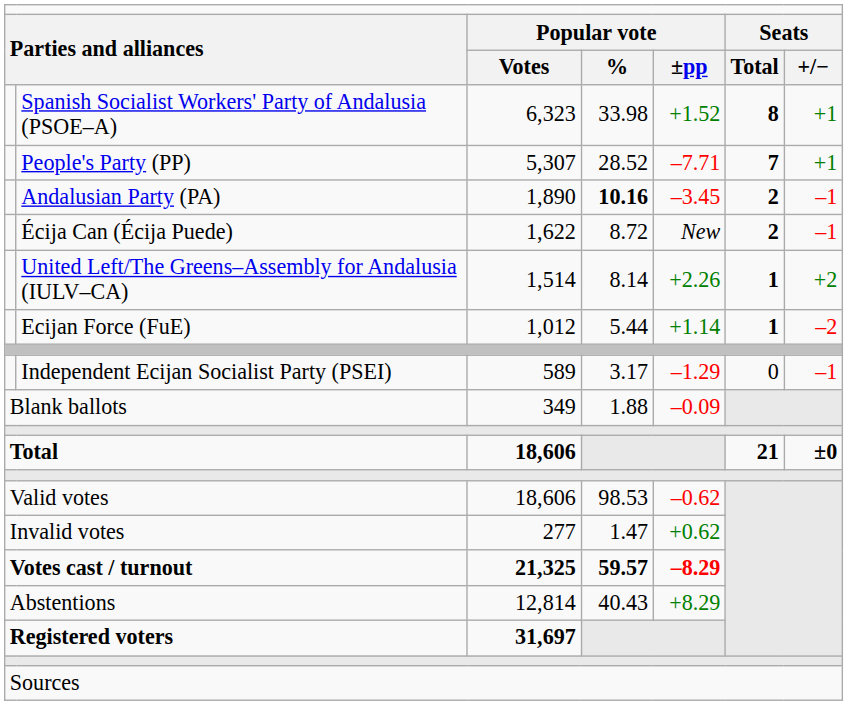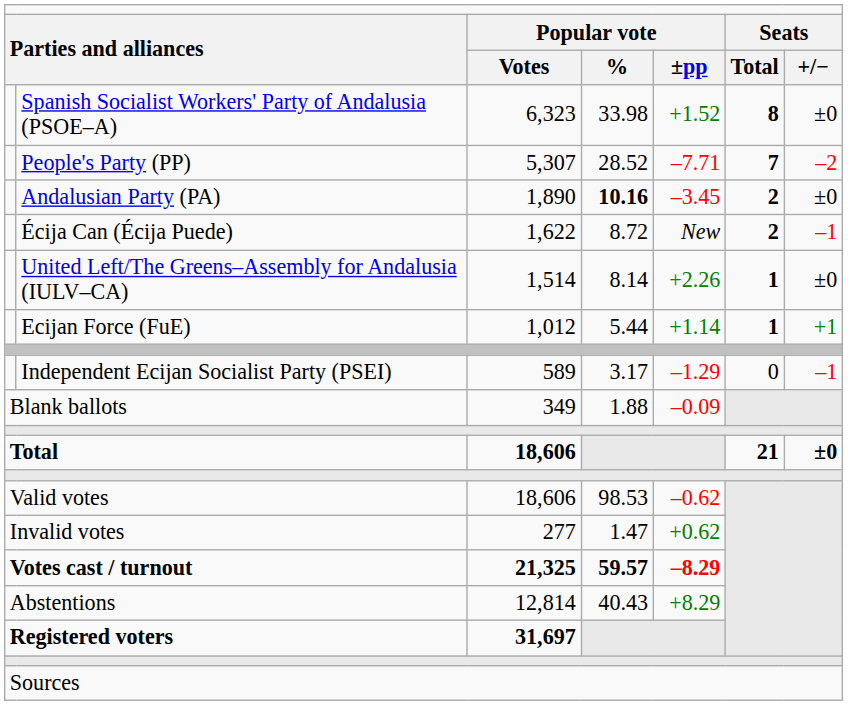 <table class="wikitable" style="text-align:right;">
 <tr>
 <td colspan="7"></td>
 </tr>
 <tr>
 <th style="text-align:left;" rowspan="2" colspan="2" width="525">Parties and alliances</th>
 <th colspan="3">Popular vote</th>
 <th colspan="2">Seats</th>
 </tr>
 <tr>
 <th width="75">Votes</th>
 <th width="45">%</th>
 <th width="45">±<a href='#'>pp</a></th>
 <th width="35">Total</th>
 <th width="35">+/−</th>
 </tr>
 <tr>
 <td width="1" style="color:inherit;background:"></td>
 <td align="left"><a href='#'>Spanish Socialist Workers' Party of Andalusia</a> (PSOE–A)</td>
 <td>6,323</td>
 <td>33.98</td>
 <td style="color:green;">+1.52</td>
 <td><strong>8</strong></td>
-<td style="color:green;">+1</td>
+<td>±0</td>
 </tr>
 <tr>
 <td style="color:inherit;background:"></td>
 <td align="left"><a href='#'>People's Party</a> (PP)</td>
 <td>5,307</td>
 <td>28.52</td>
 <td style="color:red;">–7.71</td>
 <td><strong>7</strong></td>
-<td style="color:green;">+1</td>
+<td style="color:red;">–2</td>
 </tr>
 <tr>
 <td style="color:inherit;background:"></td>
 <td align="left"><a href='#'>Andalusian Party</a> (PA)</td>
 <td>1,890</td>
 <td><strong>10.16</strong></td>
 <td style="color:red;">–3.45</td>
 <td><strong>2</strong></td>
-<td style="color:red;">–1</td>
+<td>±0</td>
 </tr>
 <tr>
 <td style="color:inherit;background:"></td>
 <td align="left">Écija Can (Écija Puede)</td>
 <td>1,622</td>
 <td>8.72</td>
 <td><em>New</em></td>
 <td><strong>2</strong></td>
 <td style="color:red;">–1</td>
 </tr>
 <tr>
 <td style="color:inherit;background:"></td>
 <td align="left"><a href='#'>United Left/The Greens–Assembly for Andalusia</a> (IULV–CA)</td>
 <td>1,514</td>
 <td>8.14</td>
 <td style="color:green;">+2.26</td>
 <td><strong>1</strong></td>
-<td style="color:green;">+2</td>
+<td>±0</td>
 </tr>
 <tr>
 <td style="color:inherit;background:"></td>
 <td align="left">Ecijan Force (FuE)</td>
 <td>1,012</td>
 <td>5.44</td>
 <td style="color:green;">+1.14</td>
 <td><strong>1</strong></td>
-<td style="color:red;">–2</td>
+<td style="color:green;">+1</td>
 </tr>
 <tr>
 <td colspan="7" bgcolor="#C0C0C0"></td>
 </tr>
 <tr>
 <td style="color:inherit;background:"></td>
 <td align="left">Independent Ecijan Socialist Party (PSEI)</td>
 <td>589</td>
 <td>3.17</td>
 <td style="color:red;">–1.29</td>
 <td>0</td>
 <td style="color:red;">–1</td>
 </tr>
 <tr>
 <td align="left" colspan="2">Blank ballots</td>
 <td>349</td>
 <td>1.88</td>
 <td style="color:red;">–0.09</td>
 <td bgcolor="#E9E9E9" colspan="2"></td>
 </tr>
 <tr>
 <td colspan="7" bgcolor="#E9E9E9"></td>
 </tr>
 <tr style="font-weight:bold;">
 <td align="left" colspan="2">Total</td>
 <td>18,606</td>
 <td bgcolor="#E9E9E9" colspan="2"></td>
 <td>21</td>
 <td>±0</td>
 </tr>
 <tr>
 <td colspan="7" bgcolor="#E9E9E9"></td>
 </tr>
 <tr>
 <td align="left" colspan="2">Valid votes</td>
 <td>18,606</td>
 <td>98.53</td>
 <td style="color:red;">–0.62</td>
 <td bgcolor="#E9E9E9" colspan="2" rowspan="5"></td>
 </tr>
 <tr>
 <td align="left" colspan="2">Invalid votes</td>
 <td>277</td>
 <td>1.47</td>
 <td style="color:green;">+0.62</td>
 </tr>
 <tr style="font-weight:bold;">
 <td align="left" colspan="2">Votes cast / turnout</td>
 <td>21,325</td>
 <td>59.57</td>
 <td style="color:red;">–8.29</td>
 </tr>
 <tr>
 <td align="left" colspan="2">Abstentions</td>
 <td>12,814</td>
 <td>40.43</td>
 <td style="color:green;">+8.29</td>
 </tr>
 <tr style="font-weight:bold;">
 <td align="left" colspan="2">Registered voters</td>
 <td>31,697</td>
 <td bgcolor="#E9E9E9" colspan="2"></td>
 </tr>
 <tr>
 <td colspan="7" bgcolor="#E9E9E9"></td>
 </tr>
 <tr>
 <td align="left" colspan="7">Sources</td>
 </tr>
 </table>
